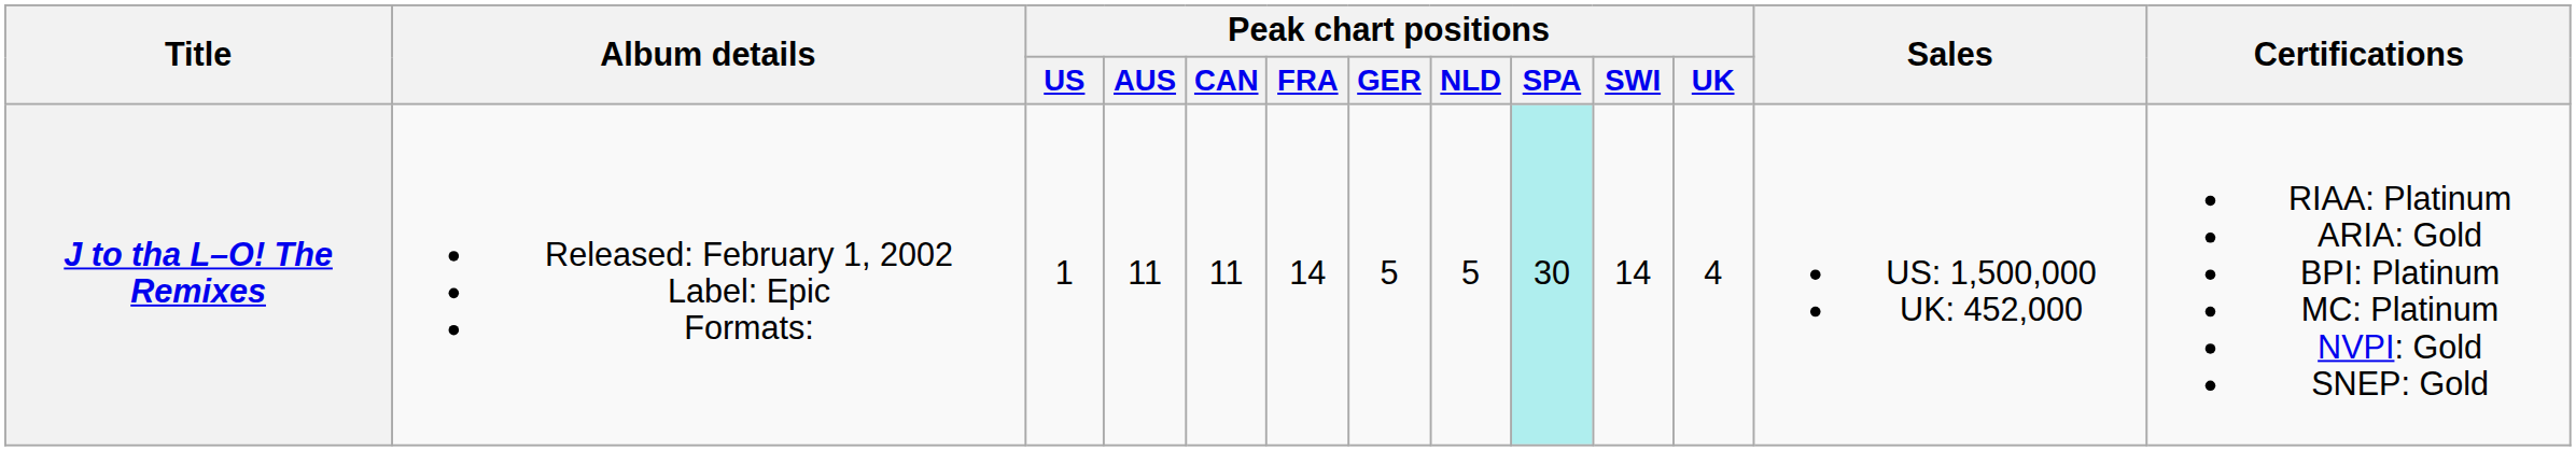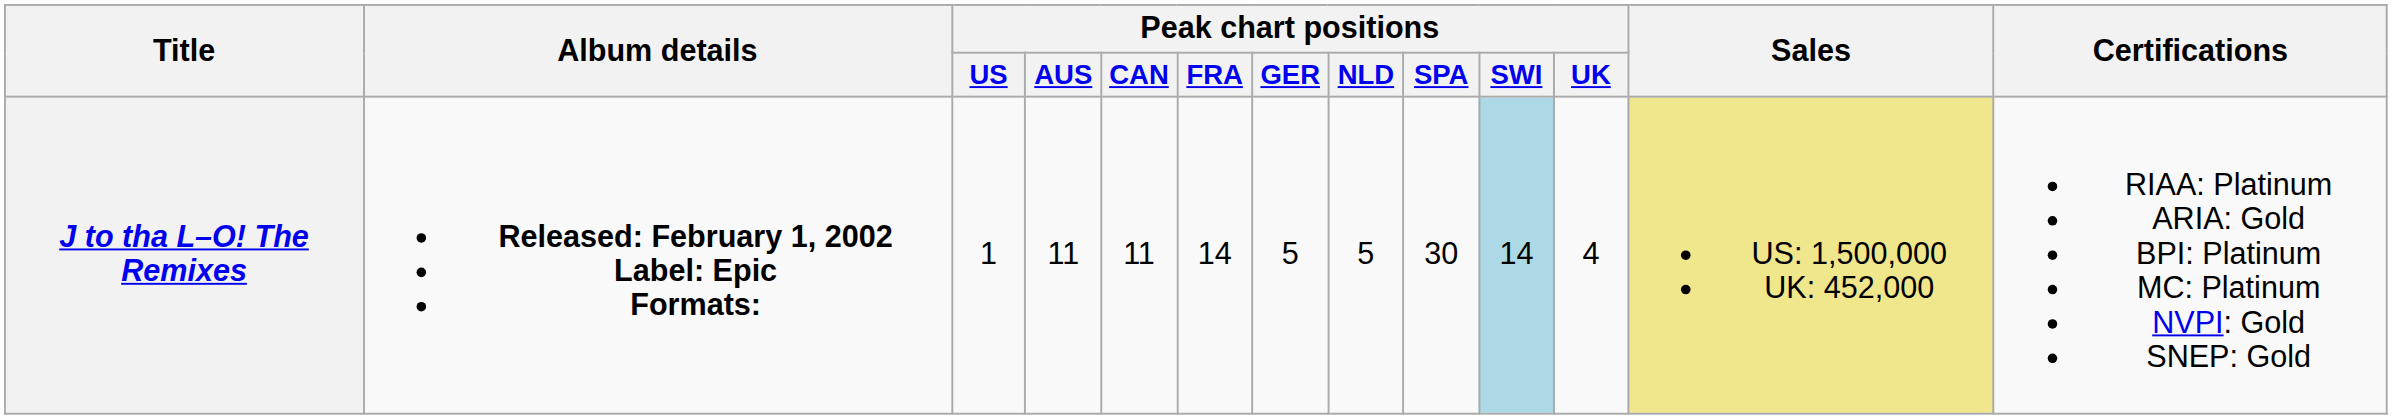 <table class="wikitable plainrowheaders" style="text-align:center;">
 <tr>
 <th scope="col" rowspan="2" style="width:12em;">Title</th>
 <th scope="col" rowspan="2" style="width:20em;">Album details</th>
 <th scope="col" colspan="9">Peak chart positions</th>
 <th scope="col" rowspan="2" style="width:12em;">Sales</th>
 <th scope="col" rowspan="2" style="width:13em;">Certifications</th>
 </tr>
 <tr>
 <th scope="col" style="width:2.3em; font-size:90%;"><a href='#'>US</a> <br></th>
 <th scope="col" style="width:2.3em; font-size:90%;"><a href='#'>AUS</a> <br></th>
 <th scope="col" style="width:2.3em; font-size:90%;"><a href='#'>CAN</a> <br></th>
 <th scope="col" style="width:2.3em; font-size:90%;"><a href='#'>FRA</a> <br></th>
 <th scope="col" style="width:2.3em; font-size:90%;"><a href='#'>GER</a> <br></th>
 <th scope="col" style="width:2.3em; font-size:90%;"><a href='#'>NLD</a><br></th>
 <th scope="col" style="width:2.3em; font-size:90%;"><a href='#'>SPA</a> <br></th>
 <th scope="col" style="width:2.3em; font-size:90%;"><a href='#'>SWI</a> <br></th>
 <th scope="col" style="width:2.3em; font-size:90%;"><a href='#'>UK</a> <br></th>
 </tr>
 <tr>
 <th scope="row"><em><a href='#'>J to tha L–O! The Remixes</a></em></th>
-<td><br><ul><li>Released: February 1, 2002</li><li>Label: Epic</li><li>Formats: </li></ul></td>
+<td><strong><br><ul><li>Released: February 1, 2002</li><li>Label: Epic</li><li>Formats: </li></ul></strong></td>
 <td>1</td>
 <td>11</td>
 <td>11</td>
 <td>14</td>
 <td>5</td>
 <td>5</td>
-<td style="background: paleturquoise;">30</td>
-<td>14</td>
+<td>30</td>
+<td style="background: lightblue;">14</td>
 <td>4</td>
-<td><br><ul><li>US: 1,500,000</li><li>UK: 452,000</li></ul></td>
+<td style="background: khaki;"><br><ul><li>US: 1,500,000</li><li>UK: 452,000</li></ul></td>
 <td><br><ul><li>RIAA: Platinum</li><li>ARIA: Gold</li><li>BPI: Platinum</li><li>MC: Platinum</li><li><a href='#'>NVPI</a>: Gold</li><li>SNEP: Gold</li></ul></td>
 </tr>
 </table>
